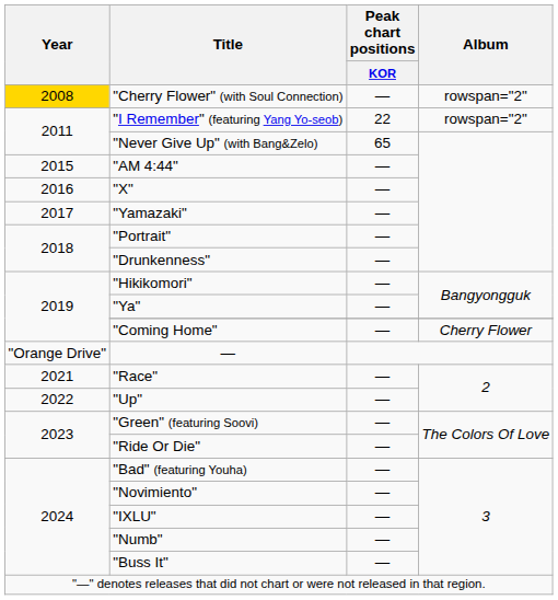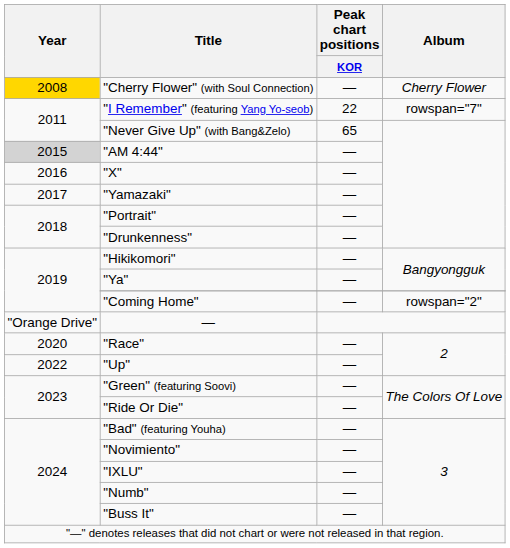 <table class="wikitable" style="text-align:center;">
 <tr>
 <th rowspan="2" align="center">Year</th>
 <th rowspan="2" align="center">Title</th>
 <th colspan="1" align="center">Peak chart positions</th>
 <th rowspan="2" align="center">Album</th>
 </tr>
 <tr>
 <th width="30"><small><a href='#'>KOR</a></small><br></th>
 </tr>
 <tr>
 <td style="background: gold;">2008</td>
 <td align="left">"Cherry Flower" <small>(with Soul Connection)</small></td>
 <td align="center">—</td>
-<td>rowspan="2" </td>
+<td><em>Cherry Flower</em></td>
 </tr>
 <tr>
 <td rowspan="2">2011</td>
 <td align="left">"<a href='#'>I Remember</a>" <small>(featuring <a href='#'>Yang Yo-seob</a>)</small></td>
 <td align="center">22</td>
-<td>rowspan="2" </td>
+<td>rowspan="7" </td>
 </tr>
 <tr>
 <td align="left">"Never Give Up" <small>(with Bang&Zelo)</small></td>
 <td align="center">65</td>
 </tr>
 <tr>
-<td>2015</td>
+<td style="background: lightgrey;">2015</td>
 <td align="left">"AM 4:44"</td>
 <td align="center">—</td>
 </tr>
 <tr>
 <td>2016</td>
 <td align="left">"X"</td>
 <td align="center">—</td>
 </tr>
 <tr>
 <td>2017</td>
 <td align="left">"Yamazaki"</td>
 <td align="center">—</td>
 </tr>
 <tr>
 <td rowspan="2">2018</td>
 <td align="left">"Portrait"</td>
 <td align="center">—</td>
 </tr>
 <tr>
 <td align="left">"Drunkenness"</td>
 <td align="center">—</td>
 </tr>
 <tr>
 <td rowspan="4">2019</td>
 <td align="left">"Hikikomori"</td>
 <td align="center">—</td>
 <td rowspan="2"><em>Bangyongguk</em></td>
 </tr>
 <tr>
 <td align="left">"Ya"</td>
 <td align="center">—</td>
 </tr>
 <tr>
 </tr>
 <tr>
 <td align="left">"Coming Home"</td>
 <td align="center">—</td>
-<td><em>Cherry Flower</em></td>
+<td>rowspan="2" </td>
 </tr>
 <tr>
 <td align="left">"Orange Drive"</td>
 <td align="center">—</td>
 </tr>
 <tr>
-<td>2021</td>
+<td>2020</td>
 <td align="left">"Race"</td>
 <td align="center">—</td>
 <td rowspan="2"><em>2</em></td>
 </tr>
 <tr>
 <td>2022</td>
 <td align="left">"Up"</td>
 <td align="center">—</td>
 </tr>
 <tr>
 <td rowspan="2">2023</td>
 <td align="left">"Green" <small>(featuring Soovi)</small></td>
 <td align="center">—</td>
 <td rowspan="2"><em>The Colors Of Love</em></td>
 </tr>
 <tr>
 <td align="left">"Ride Or Die"</td>
 <td align="center">—</td>
 </tr>
 <tr>
 <td rowspan="5">2024</td>
 <td align="left">"Bad" <small>(featuring Youha)</small></td>
 <td align="center">—</td>
 <td rowspan="5"><em>3</em></td>
 </tr>
 <tr>
 <td align="left">"Novimiento"</td>
 <td align="center">—</td>
 </tr>
 <tr>
 <td align="left">"IXLU"</td>
 <td align="center">—</td>
 </tr>
 <tr>
 <td align="left">"Numb"</td>
 <td align="center">—</td>
 </tr>
 <tr>
 <td align="left">"Buss It"</td>
 <td align="center">—</td>
 </tr>
 <tr>
 <td colspan="13" align="center" style="font-size:85%">"—" denotes releases that did not chart or were not released in that region.</td>
 </tr>
 </table>
